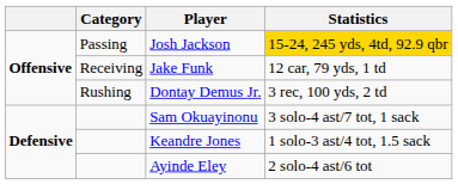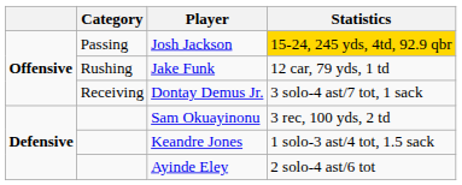 <table class="wikitable" style="float: left;">
 <tr>
 <th></th>
 <th>Category</th>
 <th>Player</th>
 <th>Statistics</th>
 </tr>
 <tr>
 <td rowspan=3><strong>Offensive</strong></td>
 <td>Passing</td>
 <td><a href='#'>Josh Jackson</a></td>
 <td style="background: gold;">15-24, 245 yds, 4td, 92.9 qbr</td>
 </tr>
 <tr>
-<td>Receiving</td>
+<td>Rushing</td>
 <td><a href='#'>Jake Funk</a></td>
 <td>12 car, 79 yds, 1 td</td>
 </tr>
 <tr>
-<td>Rushing</td>
+<td>Receiving</td>
 <td><a href='#'>Dontay Demus Jr.</a></td>
-<td>3 rec, 100 yds, 2 td</td>
+<td>3 solo-4 ast/7 tot, 1 sack</td>
 </tr>
 <tr>
 <td rowspan=3><strong>Defensive</strong></td>
 <td></td>
 <td><a href='#'>Sam Okuayinonu</a></td>
-<td>3 solo-4 ast/7 tot, 1 sack</td>
+<td>3 rec, 100 yds, 2 td</td>
 </tr>
 <tr>
 <td></td>
 <td><a href='#'>Keandre Jones</a></td>
 <td>1 solo-3 ast/4 tot, 1.5 sack</td>
 </tr>
 <tr>
 <td></td>
 <td><a href='#'>Ayinde Eley</a></td>
 <td>2 solo-4 ast/6 tot</td>
 </tr>
 </table>
